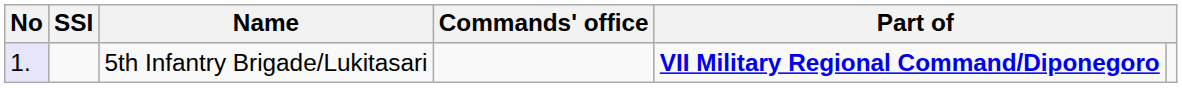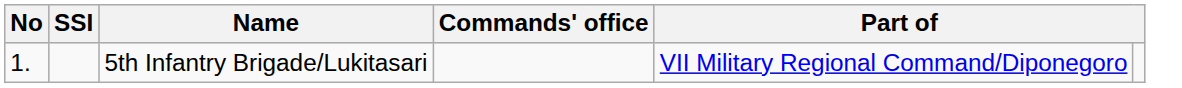 <table class="wikitable">
 <tr>
 <th>No</th>
 <th>SSI</th>
 <th>Name</th>
 <th>Commands' office</th>
 <th colspan="2">Part of</th>
 </tr>
 <tr>
-<td style="background: lavender;">1.</td>
+<td>1.</td>
 <td></td>
 <td>5th Infantry Brigade/Lukitasari</td>
 <td></td>
-<td><strong><a href='#'>VII Military Regional Command/Diponegoro</a></strong></td>
+<td><a href='#'>VII Military Regional Command/Diponegoro</a></td>
 <td></td>
 </tr>
 </table>
